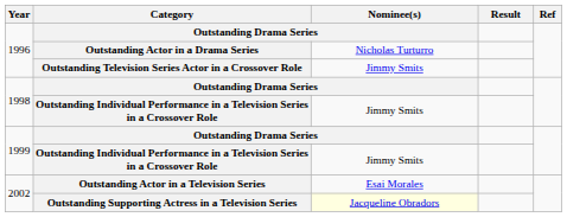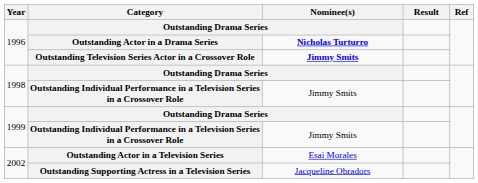 <table class="wikitable plainrowheaders" style="font-size: 90%; text-align:center" width=83%>
 <tr>
 <th scope="col" width="5%">Year</th>
 <th scope="col" width="50%">Category</th>
 <th scope="col" width="30%">Nominee(s)</th>
 <th scope="col" width="10%">Result</th>
 <th scope="col" width="5%">Ref</th>
 </tr>
 <tr>
 <td rowspan="3">1996</td>
 <th scope="row" style="text-align:center" colspan="2">Outstanding Drama Series</th>
 <td></td>
 <td rowspan="3"></td>
 </tr>
 <tr>
 <th scope="row" style="text-align:center">Outstanding Actor in a Drama Series</th>
-<td><a href='#'>Nicholas Turturro</a></td>
+<td><strong><a href='#'>Nicholas Turturro</a></strong></td>
 <td></td>
 </tr>
 <tr>
 <th scope="row" style="text-align:center">Outstanding Television Series Actor in a Crossover Role</th>
-<td><a href='#'>Jimmy Smits</a></td>
+<td><strong><a href='#'>Jimmy Smits</a></strong></td>
 <td></td>
 </tr>
 <tr>
 <td rowspan="2">1998</td>
 <th scope="row" style="text-align:center" colspan="2">Outstanding Drama Series</th>
 <td></td>
 <td rowspan="2"></td>
 </tr>
 <tr>
 <th scope="row" style="text-align:center">Outstanding Individual Performance in a Television Series in a Crossover Role</th>
 <td>Jimmy Smits</td>
 <td></td>
 </tr>
 <tr>
 <td rowspan="2">1999</td>
 <th scope="row" style="text-align:center" colspan="2">Outstanding Drama Series</th>
 <td></td>
 <td rowspan="2"></td>
 </tr>
 <tr>
 <th scope="row" style="text-align:center">Outstanding Individual Performance in a Television Series in a Crossover Role</th>
 <td>Jimmy Smits</td>
 <td></td>
 </tr>
 <tr>
 <td rowspan="2">2002</td>
 <th scope="row" style="text-align:center">Outstanding Actor in a Television Series</th>
 <td><a href='#'>Esai Morales</a></td>
 <td></td>
 <td rowspan="2"></td>
 </tr>
 <tr>
 <th scope="row" style="text-align:center">Outstanding Supporting Actress in a Television Series</th>
-<td style="background: lightyellow;"><a href='#'>Jacqueline Obradors</a></td>
+<td><a href='#'>Jacqueline Obradors</a></td>
 <td></td>
 </tr>
 </table>
